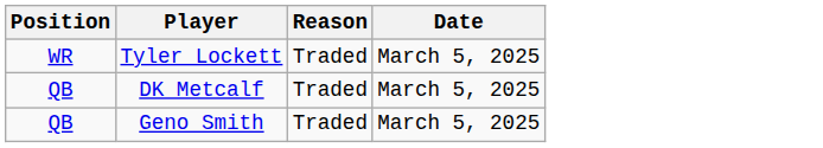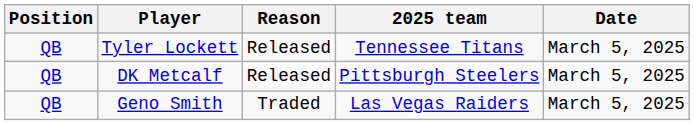 <table class="wikitable" style="text-align:center">
 <tr>
 <th>Position</th>
 <th>Player</th>
 <th>Reason</th>
+<th>2025 team</th>
 <th>Date</th>
 </tr>
 <tr>
-<td><a href='#'>WR</a></td>
+<td><a href='#'>QB</a></td>
 <td><a href='#'>Tyler Lockett</a></td>
-<td>Traded</td>
+<td>Released</td>
+<td><a href='#'>Tennessee Titans</a></td>
 <td>March 5, 2025</td>
 </tr>
 <tr>
 <td><a href='#'>QB</a></td>
 <td><a href='#'>DK Metcalf</a></td>
-<td>Traded</td>
+<td>Released</td>
+<td><a href='#'>Pittsburgh Steelers</a></td>
 <td>March 5, 2025</td>
 </tr>
 <tr>
 <td><a href='#'>QB</a></td>
 <td><a href='#'>Geno Smith</a></td>
 <td>Traded</td>
+<td><a href='#'>Las Vegas Raiders</a></td>
 <td>March 5, 2025</td>
 </tr>
 </table>
